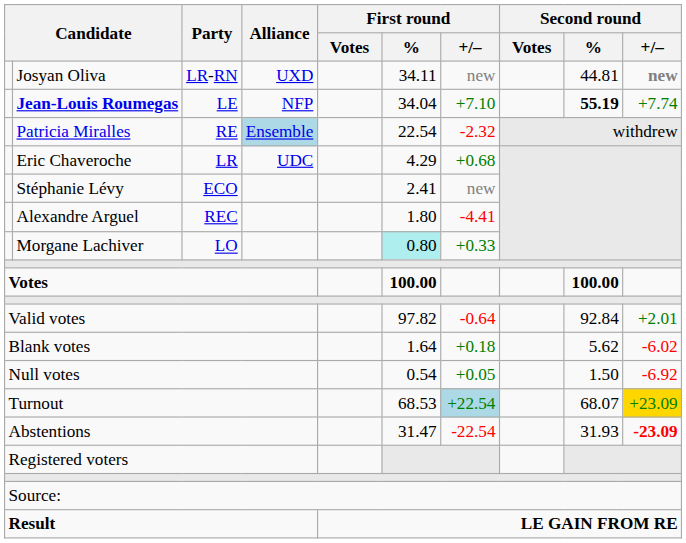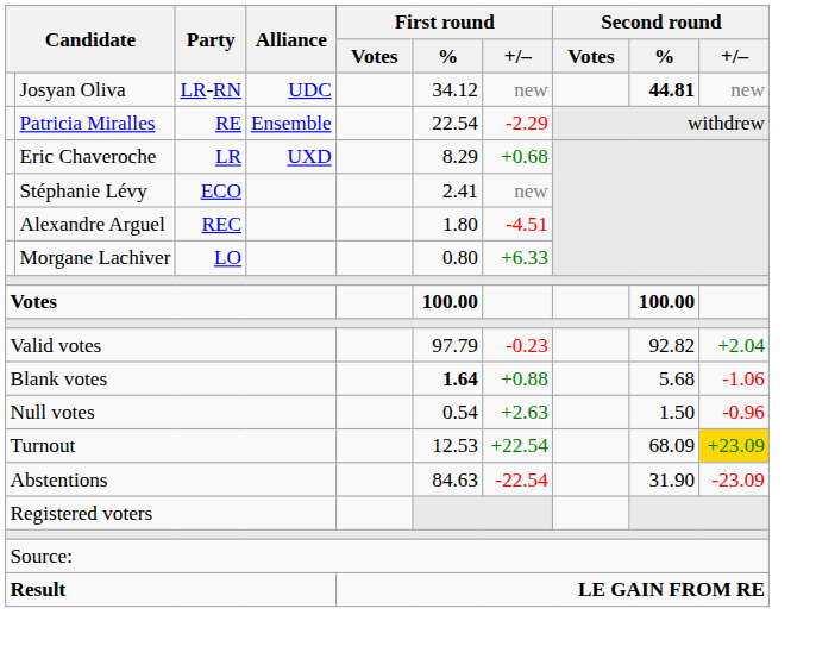 <table class="wikitable" style="text-align:right;font-size:95%;">
 <tr>
 <th rowspan="2" colspan="2">Candidate</th>
 <th colspan="1" rowspan="2">Party</th>
 <th colspan="1" rowspan="2">Alliance</th>
 <th colspan="3">First round</th>
 <th colspan="3">Second round</th>
 </tr>
 <tr>
 <th style="width:50px;">Votes</th>
 <th style="width:45px;">%</th>
 <th style="width:45px;">+/–</th>
 <th style="width:50px;">Votes</th>
 <th style="width:45px;">%</th>
 <th style="width:45px;">+/–</th>
 </tr>
 <tr>
 <td style="color:inherit;background:"></td>
 <td style="text-align:left;">Josyan Oliva</td>
 <td><a href='#'>LR</a>-<a href='#'>RN</a></td>
-<td><a href='#'>UXD</a></td>
+<td><a href='#'>UDC</a></td>
 <td></td>
-<td>34.11</td>
+<td>34.12</td>
 <td style="color:grey;">new</td>
 <td></td>
-<td>44.81</td>
-<td style="color:grey;"><strong>new</strong></td>
-</tr>
-<tr>
-<td style="color:inherit;background:"></td>
-<td style="text-align:left;"><strong><a href='#'>Jean-Louis Roumegas</a></strong></td>
-<td><a href='#'>LE</a></td>
-<td><a href='#'>NFP</a></td>
-<td></td>
-<td>34.04</td>
-<td style="color:green;">+7.10</td>
-<td><strong></strong></td>
-<td><strong>55.19</strong></td>
-<td style="color:green;">+7.74</td>
+<td><strong>44.81</strong></td>
+<td style="color:grey;">new</td>
 </tr>
 <tr>
 <td style="color:inherit;background:"></td>
 <td style="text-align:left;"><a href='#'>Patricia Miralles</a></td>
 <td><a href='#'>RE</a></td>
-<td style="background: lightblue;"><a href='#'>Ensemble</a></td>
+<td><a href='#'>Ensemble</a></td>
 <td></td>
 <td>22.54</td>
-<td style="color:red;">-2.32</td>
+<td style="color:red;">-2.29</td>
 <td colspan="3" style="background:#E9E9E9;">withdrew</td>
 </tr>
 <tr>
 <td style="color:inherit;background:"></td>
 <td style="text-align:left;">Eric Chaveroche</td>
 <td><a href='#'>LR</a></td>
-<td><a href='#'>UDC</a></td>
+<td><a href='#'>UXD</a></td>
 <td></td>
-<td>4.29</td>
+<td>8.29</td>
 <td style="color:green;">+0.68</td>
 <td colspan="3" rowspan="4" style="background:#E9E9E9;"></td>
 </tr>
 <tr>
 <td style="color:inherit;background:"></td>
 <td style="text-align:left;">Stéphanie Lévy</td>
 <td><a href='#'>ECO</a></td>
 <td></td>
 <td></td>
 <td>2.41</td>
 <td style="color:grey;">new</td>
 </tr>
 <tr>
 <td style="color:inherit;background:"></td>
 <td style="text-align:left;">Alexandre Arguel</td>
 <td><a href='#'>REC</a></td>
 <td></td>
 <td></td>
 <td>1.80</td>
-<td style="color:red;">-4.41</td>
+<td style="color:red;">-4.51</td>
 </tr>
 <tr>
 <td style="color:inherit;background:"></td>
 <td style="text-align:left;">Morgane Lachiver</td>
 <td><a href='#'>LO</a></td>
 <td></td>
 <td></td>
-<td style="background: paleturquoise;">0.80</td>
-<td style="color:green;">+0.33</td>
+<td>0.80</td>
+<td style="color:green;">+6.33</td>
 </tr>
 <tr>
 <td colspan="10" style="background:#E9E9E9;"></td>
 </tr>
 <tr style="font-weight:bold;">
 <td colspan="4" style="text-align:left;">Votes</td>
 <td></td>
 <td>100.00</td>
 <td></td>
 <td></td>
 <td>100.00</td>
 <td></td>
 </tr>
 <tr>
 <td colspan="10" style="background:#E9E9E9;"></td>
 </tr>
 <tr>
 <td colspan="4" style="text-align:left;">Valid votes</td>
 <td></td>
-<td>97.82</td>
-<td style="color:red;">-0.64</td>
+<td>97.79</td>
+<td style="color:red;">-0.23</td>
 <td></td>
-<td>92.84</td>
-<td style="color:green;">+2.01</td>
+<td>92.82</td>
+<td style="color:green;">+2.04</td>
 </tr>
 <tr>
 <td colspan="4" style="text-align:left;">Blank votes</td>
 <td></td>
-<td>1.64</td>
-<td style="color:green;">+0.18</td>
+<td><strong>1.64</strong></td>
+<td style="color:green;">+0.88</td>
 <td></td>
-<td>5.62</td>
-<td style="color:red;">-6.02</td>
+<td>5.68</td>
+<td style="color:red;">-1.06</td>
 </tr>
 <tr>
 <td colspan="4" style="text-align:left;">Null votes</td>
 <td></td>
 <td>0.54</td>
-<td style="color:green;">+0.05</td>
+<td style="color:green;">+2.63</td>
 <td></td>
 <td>1.50</td>
-<td style="color:red;">-6.92</td>
+<td style="color:red;">-0.96</td>
 </tr>
 <tr>
 <td colspan="4" style="text-align:left;">Turnout</td>
 <td></td>
-<td>68.53</td>
-<td style="background: lightblue; color:green;">+22.54</td>
+<td>12.53</td>
+<td style="color:green;">+22.54</td>
 <td></td>
-<td>68.07</td>
+<td>68.09</td>
 <td style="background: gold; color:green;">+23.09</td>
 </tr>
 <tr>
 <td colspan="4" style="text-align:left;">Abstentions</td>
 <td></td>
-<td>31.47</td>
+<td>84.63</td>
 <td style="color:red;">-22.54</td>
 <td></td>
-<td>31.93</td>
-<td style="color:red;"><strong>-23.09</strong></td>
+<td>31.90</td>
+<td style="color:red;">-23.09</td>
 </tr>
 <tr>
 <td colspan="4" style="text-align:left;">Registered voters</td>
 <td></td>
 <td colspan="2" style="background:#E9E9E9;"></td>
 <td></td>
 <td colspan="2" style="background:#E9E9E9;"></td>
 </tr>
 <tr>
 <td colspan="10" style="background:#E9E9E9;"></td>
 </tr>
 <tr>
 <td colspan="10" style="text-align:left;">Source: </td>
 </tr>
 <tr style="font-weight:bold">
 <td colspan="4" style="text-align:left;">Result</td>
 <td colspan="6" style="background-color:">LE GAIN FROM RE</td>
 </tr>
 </table>
